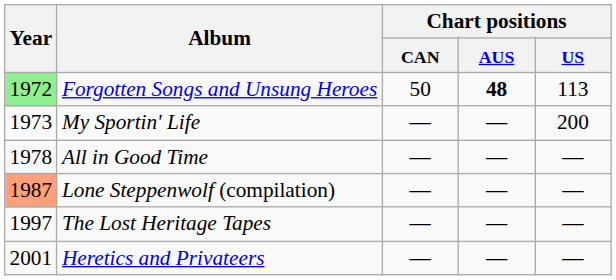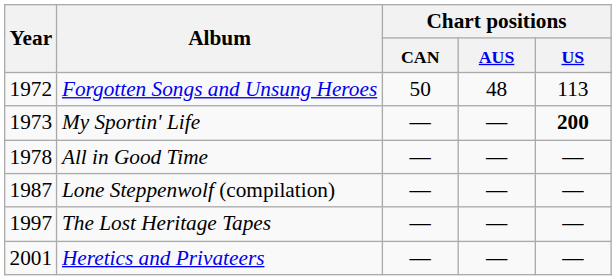 <table class="wikitable">
 <tr>
 <th rowspan="2">Year</th>
 <th rowspan="2">Album</th>
 <th colspan="3">Chart positions</th>
 </tr>
 <tr>
 <th style="width:50px;"><small>CAN</small></th>
 <th style="width:50px;"><small><a href='#'>AUS</a></small></th>
 <th style="width:50px;"><small><a href='#'>US</a></small></th>
 </tr>
 <tr>
-<td style="background: lightgreen;">1972</td>
+<td>1972</td>
 <td><em><a href='#'>Forgotten Songs and Unsung Heroes</a></em></td>
 <td style="text-align:center;">50</td>
-<td style="text-align:center;"><strong>48</strong></td>
+<td style="text-align:center;">48</td>
 <td style="text-align:center;">113</td>
 </tr>
 <tr>
 <td>1973</td>
 <td><em>My Sportin' Life</em></td>
 <td style="text-align:center;">—</td>
 <td style="text-align:center;">—</td>
-<td style="text-align:center;">200</td>
+<td style="text-align:center;"><strong>200</strong></td>
 </tr>
 <tr>
 <td>1978</td>
 <td><em>All in Good Time</em></td>
 <td style="text-align:center;">—</td>
 <td style="text-align:center;">—</td>
 <td style="text-align:center;">—</td>
 </tr>
 <tr>
-<td style="background: lightsalmon;">1987</td>
+<td>1987</td>
 <td><em>Lone Steppenwolf</em> (compilation)</td>
 <td style="text-align:center;">—</td>
 <td style="text-align:center;">—</td>
 <td style="text-align:center;">—</td>
 </tr>
 <tr>
 <td>1997</td>
 <td><em>The Lost Heritage Tapes</em></td>
 <td style="text-align:center;">—</td>
 <td style="text-align:center;">—</td>
 <td style="text-align:center;">—</td>
 </tr>
 <tr>
 <td>2001</td>
 <td><em><a href='#'>Heretics and Privateers</a></em></td>
 <td style="text-align:center;">—</td>
 <td style="text-align:center;">—</td>
 <td style="text-align:center;">—</td>
 </tr>
 </table>
